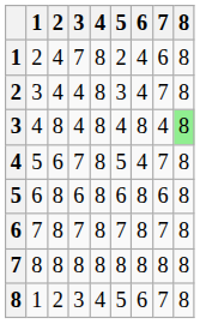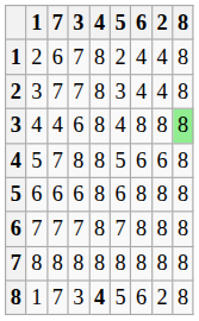 <table class=wikitable style="text-align: center;">
 <tr>
 <th></th>
 <th>1</th>
-<th>2</th>
+<th>7</th>
 <th>3</th>
 <th>4</th>
 <th>5</th>
 <th>6</th>
-<th>7</th>
+<th>2</th>
 <th>8</th>
 </tr>
 <tr>
 <th>1</th>
 <td>2</td>
-<td>4</td>
+<td>6</td>
 <td>7</td>
 <td>8</td>
 <td>2</td>
 <td>4</td>
-<td>6</td>
+<td>4</td>
 <td>8</td>
 </tr>
 <tr>
 <th>2</th>
 <td>3</td>
-<td>4</td>
-<td>4</td>
+<td>7</td>
+<td>7</td>
 <td>8</td>
 <td>3</td>
 <td>4</td>
-<td>7</td>
+<td>4</td>
 <td>8</td>
 </tr>
 <tr>
 <th>3</th>
 <td>4</td>
+<td>4</td>
+<td>6</td>
 <td>8</td>
 <td>4</td>
 <td>8</td>
-<td>4</td>
 <td>8</td>
-<td>4</td>
 <td style="background: lightgreen;">8</td>
 </tr>
 <tr>
 <th>4</th>
 <td>5</td>
-<td>6</td>
 <td>7</td>
 <td>8</td>
+<td>8</td>
 <td>5</td>
-<td>4</td>
-<td>7</td>
+<td>6</td>
+<td>6</td>
 <td>8</td>
 </tr>
 <tr>
 <th>5</th>
 <td>6</td>
-<td>8</td>
+<td>6</td>
 <td>6</td>
 <td>8</td>
 <td>6</td>
 <td>8</td>
-<td>6</td>
+<td>8</td>
 <td>8</td>
 </tr>
 <tr>
 <th>6</th>
 <td>7</td>
-<td>8</td>
+<td>7</td>
 <td>7</td>
 <td>8</td>
 <td>7</td>
 <td>8</td>
-<td>7</td>
+<td>8</td>
 <td>8</td>
 </tr>
 <tr>
 <th>7</th>
 <td>8</td>
 <td>8</td>
 <td>8</td>
 <td>8</td>
 <td>8</td>
 <td>8</td>
 <td>8</td>
 <td>8</td>
 </tr>
 <tr>
 <th>8</th>
 <td>1</td>
-<td>2</td>
+<td>7</td>
 <td>3</td>
-<td>4</td>
+<td><strong>4</strong></td>
 <td>5</td>
 <td>6</td>
-<td>7</td>
+<td>2</td>
 <td>8</td>
 </tr>
 </table>
